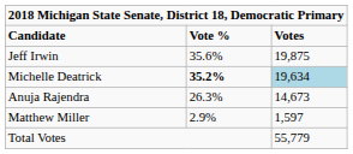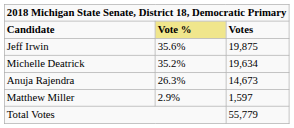 <table class="wikitable">
 <tr>
 <td colspan="3"><strong>2018 Michigan State Senate, District 18, Democratic Primary</strong></td>
 </tr>
 <tr>
 <td><strong>Candidate</strong></td>
-<td><strong>Vote %</strong></td>
+<td style="background: khaki;"><strong>Vote %</strong></td>
 <td><strong>Votes</strong></td>
 </tr>
 <tr>
 <td>Jeff Irwin</td>
 <td>35.6%</td>
 <td>19,875</td>
 </tr>
 <tr>
 <td>Michelle Deatrick</td>
-<td><strong>35.2%</strong></td>
-<td style="background: lightblue;">19,634</td>
+<td>35.2%</td>
+<td>19,634</td>
 </tr>
 <tr>
 <td>Anuja Rajendra</td>
 <td>26.3%</td>
 <td>14,673</td>
 </tr>
 <tr>
 <td>Matthew Miller</td>
 <td>2.9%</td>
 <td>1,597</td>
 </tr>
 <tr>
 <td colspan="2">Total Votes</td>
 <td>55,779</td>
 </tr>
 </table>
